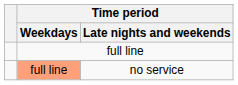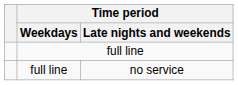 <table class="wikitable">
 <tr>
 <th rowspan=2> </th>
 <th colspan=2>Time period</th>
 </tr>
 <tr>
 <th>Weekdays</th>
 <th>Late nights and weekends</th>
 </tr>
 <tr>
 <td width=10></td>
 <td colspan=2 align=center>full line</td>
 </tr>
 <tr>
 <td></td>
-<td align=center style="background: lightsalmon;">full line</td>
+<td align=center>full line</td>
 <td align=center>no service</td>
 </tr>
 </table>
